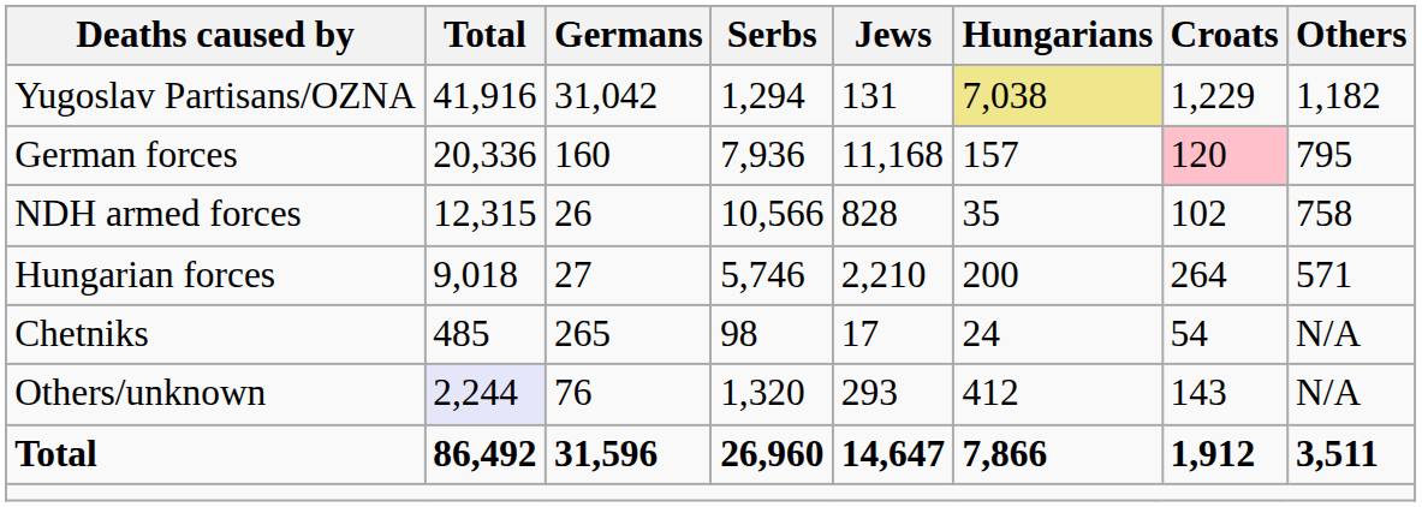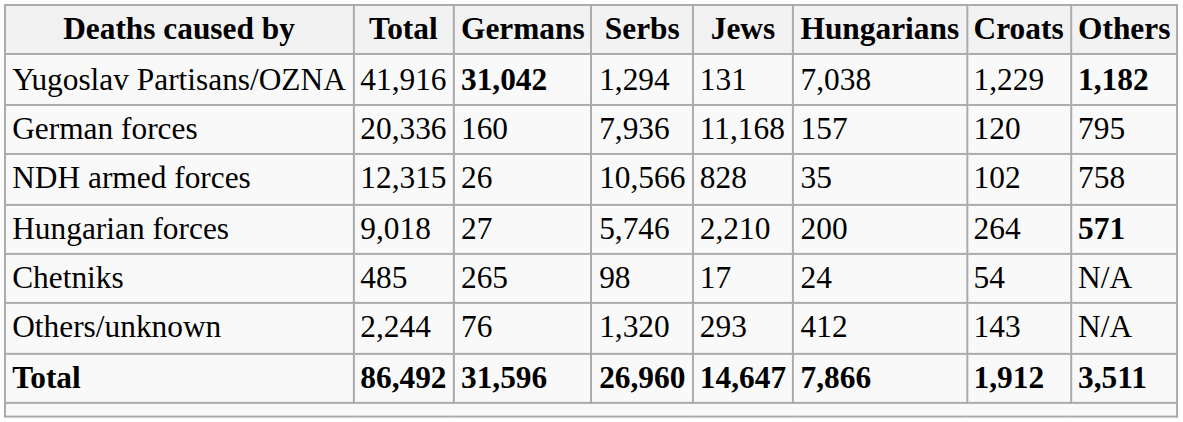 <table class="wikitable sortable">
 <tr>
 <th>Deaths caused by</th>
 <th data-sort-type=number>Total</th>
 <th>Germans</th>
 <th>Serbs</th>
 <th>Jews</th>
 <th>Hungarians</th>
 <th>Croats</th>
 <th>Others</th>
 </tr>
 <tr>
 <td>Yugoslav Partisans/OZNA</td>
 <td>41,916</td>
-<td>31,042</td>
+<td><strong>31,042</strong></td>
 <td>1,294</td>
 <td>131</td>
-<td style="background: khaki;">7,038</td>
+<td>7,038</td>
 <td>1,229</td>
-<td>1,182</td>
+<td><strong>1,182</strong></td>
 </tr>
 <tr>
 <td>German forces</td>
 <td>20,336</td>
 <td>160</td>
 <td>7,936</td>
 <td>11,168</td>
 <td>157</td>
-<td style="background: pink;">120</td>
+<td>120</td>
 <td>795</td>
 </tr>
 <tr>
 <td>NDH armed forces</td>
 <td>12,315</td>
 <td>26</td>
 <td>10,566</td>
 <td>828</td>
 <td>35</td>
 <td>102</td>
 <td>758</td>
 </tr>
 <tr>
 <td>Hungarian forces</td>
 <td>9,018</td>
 <td>27</td>
 <td>5,746</td>
 <td>2,210</td>
 <td>200</td>
 <td>264</td>
-<td>571</td>
+<td><strong>571</strong></td>
 </tr>
 <tr>
 <td>Chetniks</td>
 <td>485</td>
 <td>265</td>
 <td>98</td>
 <td>17</td>
 <td>24</td>
 <td>54</td>
 <td>N/A</td>
 </tr>
 <tr>
 <td>Others/unknown</td>
-<td style="background: lavender;">2,244</td>
+<td>2,244</td>
 <td>76</td>
 <td>1,320</td>
 <td>293</td>
 <td>412</td>
 <td>143</td>
 <td>N/A</td>
 </tr>
 <tr class="sortbottom">
 <td><strong>Total</strong></td>
 <td><strong>86,492</strong></td>
 <td><strong>31,596</strong></td>
 <td><strong>26,960</strong></td>
 <td><strong>14,647</strong></td>
 <td><strong>7,866</strong></td>
 <td><strong>1,912</strong></td>
 <td><strong>3,511</strong></td>
 </tr>
 <tr class="sortbottom">
 <td colspan="8"></td>
 </tr>
 </table>
